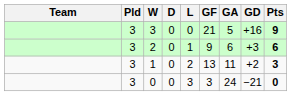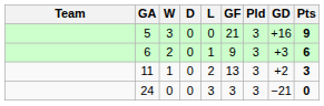 <table class="wikitable" style="text-align:center;">
 <tr>
 <th width=165>Team</th>
-<th width=20>Pld</th>
+<th width=20>GA</th>
 <th width=20>W</th>
 <th width=20>D</th>
 <th width=20>L</th>
 <th width=20>GF</th>
-<th width=20>GA</th>
+<th width=20>Pld</th>
 <th width=20>GD</th>
 <th width=20>Pts</th>
 </tr>
 <tr style="background:#cfc;">
 <td style="text-align:left;"></td>
-<td>3</td>
+<td>5</td>
 <td>3</td>
 <td>0</td>
 <td>0</td>
 <td>21</td>
-<td>5</td>
+<td>3</td>
 <td>+16</td>
 <td><strong>9</strong></td>
 </tr>
 <tr style="background:#cfc;">
 <td style="text-align:left;"></td>
-<td>3</td>
+<td>6</td>
 <td>2</td>
 <td>0</td>
 <td>1</td>
 <td>9</td>
-<td>6</td>
+<td>3</td>
 <td>+3</td>
 <td><strong>6</strong></td>
 </tr>
 <tr>
 <td style="text-align:left;"></td>
-<td>3</td>
+<td>11</td>
 <td>1</td>
 <td>0</td>
 <td>2</td>
 <td>13</td>
-<td>11</td>
+<td>3</td>
 <td>+2</td>
 <td><strong>3</strong></td>
 </tr>
 <tr>
 <td style="text-align:left;"></td>
-<td>3</td>
+<td>24</td>
 <td>0</td>
 <td>0</td>
 <td>3</td>
 <td>3</td>
-<td>24</td>
+<td>3</td>
 <td>−21</td>
 <td><strong>0</strong></td>
 </tr>
 </table>
